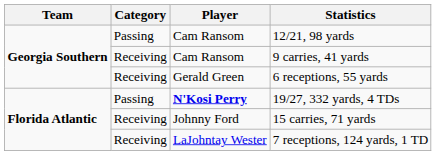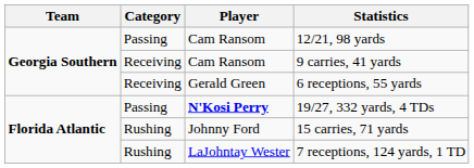 <table class="wikitable" style="float: left;">
 <tr>
 <th>Team</th>
 <th>Category</th>
 <th>Player</th>
 <th>Statistics</th>
 </tr>
 <tr>
 <td rowspan=3><strong>Georgia Southern</strong></td>
 <td>Passing</td>
 <td>Cam Ransom</td>
 <td>12/21, 98 yards</td>
 </tr>
 <tr>
 <td>Receiving</td>
 <td>Cam Ransom</td>
 <td>9 carries, 41 yards</td>
 </tr>
 <tr>
 <td>Receiving</td>
 <td>Gerald Green</td>
 <td>6 receptions, 55 yards</td>
 </tr>
 <tr>
 <td rowspan=3><strong>Florida Atlantic</strong></td>
 <td>Passing</td>
 <td><strong><a href='#'>N'Kosi Perry</a></strong></td>
 <td>19/27, 332 yards, 4 TDs</td>
 </tr>
 <tr>
-<td>Receiving</td>
+<td>Rushing</td>
 <td>Johnny Ford</td>
 <td>15 carries, 71 yards</td>
 </tr>
 <tr>
-<td>Receiving</td>
+<td>Rushing</td>
 <td><a href='#'>LaJohntay Wester</a></td>
 <td>7 receptions, 124 yards, 1 TD</td>
 </tr>
 </table>
